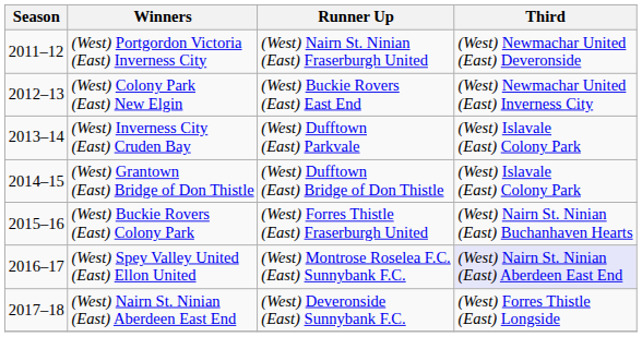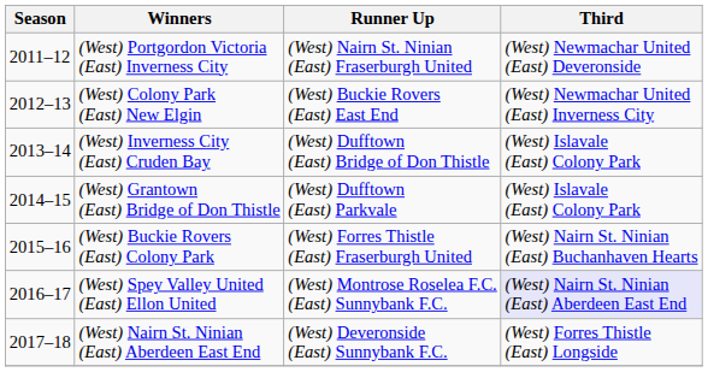 <table class="wikitable">
 <tr>
 <th>Season</th>
 <th>Winners</th>
 <th>Runner Up</th>
 <th>Third</th>
 </tr>
 <tr>
 <td style="text-align:left;">2011–12</td>
 <td><em>(West)</em> <a href='#'>Portgordon Victoria</a><br><em>(East)</em> <a href='#'>Inverness City</a></td>
 <td><em>(West)</em> <a href='#'>Nairn St. Ninian</a><br><em>(East)</em> <a href='#'>Fraserburgh United</a></td>
 <td><em>(West)</em> <a href='#'>Newmachar United</a><br><em>(East)</em> <a href='#'>Deveronside</a></td>
 </tr>
 <tr>
 <td style="text-align:left;">2012–13</td>
 <td><em>(West)</em> <a href='#'>Colony Park</a><br><em>(East)</em> <a href='#'>New Elgin</a></td>
 <td><em>(West)</em> <a href='#'>Buckie Rovers</a><br><em>(East)</em> <a href='#'>East End</a></td>
 <td><em>(West)</em> <a href='#'>Newmachar United</a><br><em>(East)</em> <a href='#'>Inverness City</a></td>
 </tr>
 <tr>
 <td style="text-align:left;">2013–14</td>
 <td><em>(West)</em> <a href='#'>Inverness City</a><br><em>(East)</em> <a href='#'>Cruden Bay</a></td>
-<td><em>(West)</em> <a href='#'>Dufftown</a><br><em>(East)</em> <a href='#'>Parkvale</a></td>
+<td><em>(West)</em> <a href='#'>Dufftown</a><br><em>(East)</em> <a href='#'>Bridge of Don Thistle</a></td>
 <td><em>(West)</em> <a href='#'>Islavale</a><br><em>(East)</em> <a href='#'>Colony Park</a></td>
 </tr>
 <tr>
 <td style="text-align:left;">2014–15</td>
 <td><em>(West)</em> <a href='#'>Grantown</a><br><em>(East)</em> <a href='#'>Bridge of Don Thistle</a></td>
-<td><em>(West)</em> <a href='#'>Dufftown</a><br><em>(East)</em> <a href='#'>Bridge of Don Thistle</a></td>
+<td><em>(West)</em> <a href='#'>Dufftown</a><br><em>(East)</em> <a href='#'>Parkvale</a></td>
 <td><em>(West)</em> <a href='#'>Islavale</a><br><em>(East)</em> <a href='#'>Colony Park</a></td>
 </tr>
 <tr>
 <td style="text-align:left;">2015–16</td>
 <td><em>(West)</em> <a href='#'>Buckie Rovers</a><br><em>(East)</em> <a href='#'>Colony Park</a></td>
 <td><em>(West)</em> <a href='#'>Forres Thistle</a><br><em>(East)</em> <a href='#'>Fraserburgh United</a></td>
 <td><em>(West)</em> <a href='#'>Nairn St. Ninian</a><br><em>(East)</em> <a href='#'>Buchanhaven Hearts</a></td>
 </tr>
 <tr>
 <td style="text-align:left;">2016–17</td>
 <td><em>(West)</em> <a href='#'>Spey Valley United</a><br><em>(East)</em> <a href='#'>Ellon United</a></td>
 <td><em>(West)</em> <a href='#'>Montrose Roselea F.C.</a><br><em>(East)</em> <a href='#'>Sunnybank F.C.</a></td>
 <td style="background: lavender;"><em>(West)</em> <a href='#'>Nairn St. Ninian</a><br><em>(East)</em> <a href='#'>Aberdeen East End</a></td>
 </tr>
 <tr>
 <td style="text-align:left;">2017–18</td>
 <td><em>(West)</em> <a href='#'>Nairn St. Ninian</a><br><em>(East)</em> <a href='#'>Aberdeen East End</a></td>
 <td><em>(West)</em> <a href='#'>Deveronside</a><br><em>(East)</em> <a href='#'>Sunnybank F.C.</a></td>
 <td><em>(West)</em> <a href='#'>Forres Thistle</a><br><em>(East)</em> <a href='#'>Longside</a></td>
 </tr>
 <tr>
 </tr>
 </table>
